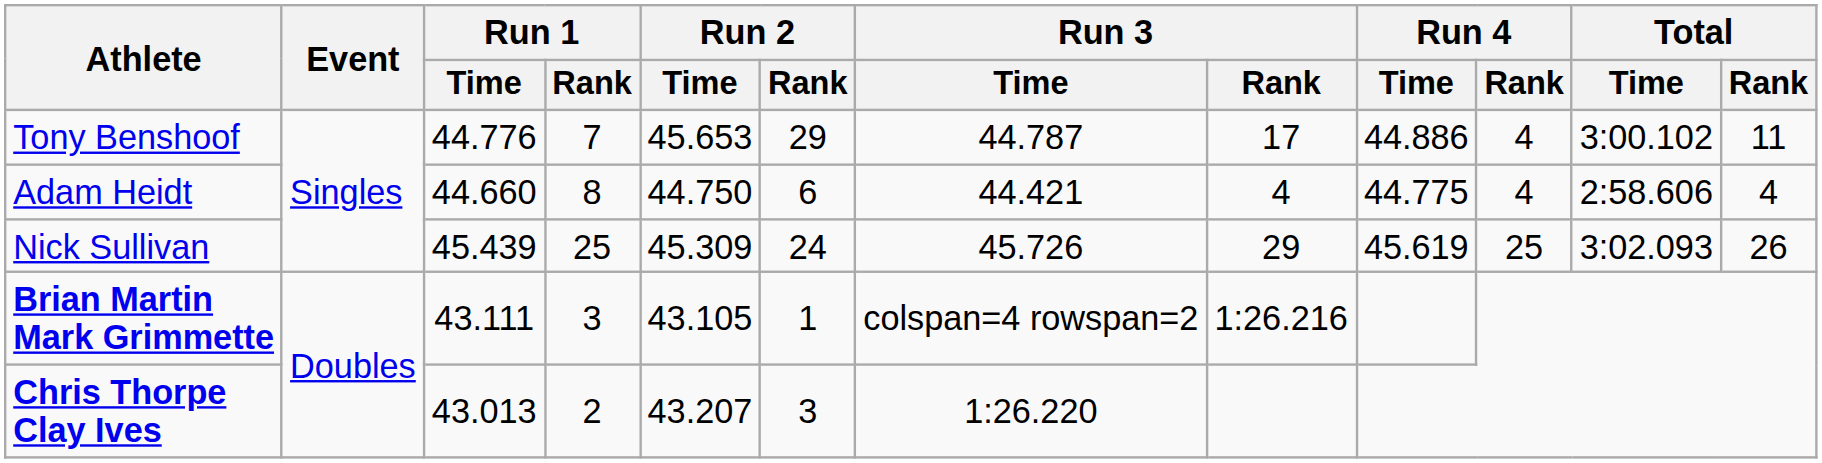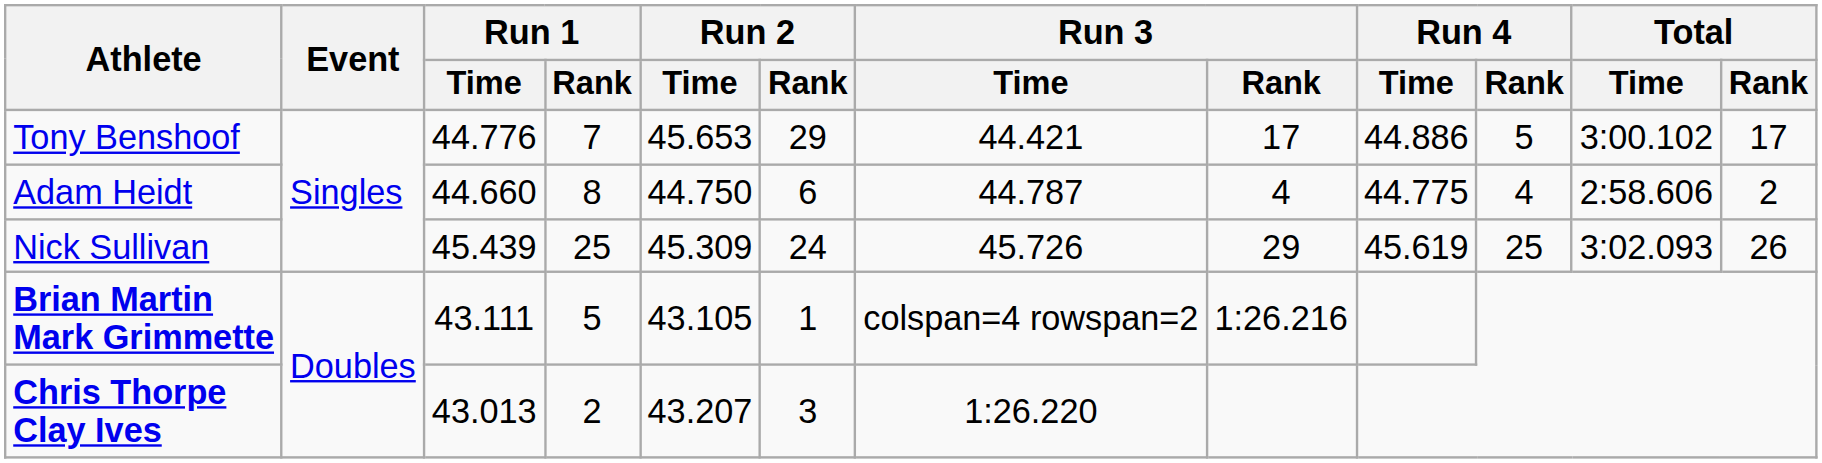 <table class=wikitable style=font-size:90%;text-align:center>
 <tr>
 <th rowspan=2>Athlete</th>
 <th rowspan=2>Event</th>
 <th colspan=2>Run 1</th>
 <th colspan=2>Run 2</th>
 <th colspan=2>Run 3</th>
 <th colspan=2>Run 4</th>
 <th colspan=2>Total</th>
 </tr>
 <tr style=font-size:95%>
 <th>Time</th>
 <th>Rank</th>
 <th>Time</th>
 <th>Rank</th>
 <th>Time</th>
 <th>Rank</th>
 <th>Time</th>
 <th>Rank</th>
 <th>Time</th>
 <th>Rank</th>
 </tr>
 <tr>
 <td align=left><a href='#'>Tony Benshoof</a></td>
 <td align=left rowspan=3><a href='#'>Singles</a></td>
 <td>44.776</td>
 <td>7</td>
 <td>45.653</td>
 <td>29</td>
-<td>44.787</td>
+<td>44.421</td>
 <td>17</td>
 <td>44.886</td>
-<td>4</td>
+<td>5</td>
 <td>3:00.102</td>
-<td>11</td>
+<td>17</td>
 </tr>
 <tr>
 <td align=left><a href='#'>Adam Heidt</a></td>
 <td>44.660</td>
 <td>8</td>
 <td>44.750</td>
 <td>6</td>
-<td>44.421</td>
+<td>44.787</td>
 <td>4</td>
 <td>44.775</td>
 <td>4</td>
 <td>2:58.606</td>
-<td>4</td>
+<td>2</td>
 </tr>
 <tr>
 <td align=left><a href='#'>Nick Sullivan</a></td>
 <td>45.439</td>
 <td>25</td>
 <td>45.309</td>
 <td>24</td>
 <td>45.726</td>
 <td>29</td>
 <td>45.619</td>
 <td>25</td>
 <td>3:02.093</td>
 <td>26</td>
 </tr>
 <tr>
 <td align=left><strong><a href='#'>Brian Martin</a><br><a href='#'>Mark Grimmette</a></strong></td>
 <td align=left rowspan=2><a href='#'>Doubles</a></td>
 <td>43.111</td>
-<td>3</td>
+<td>5</td>
 <td>43.105</td>
 <td>1</td>
 <td>colspan=4 rowspan=2 </td>
 <td>1:26.216</td>
 <td></td>
 </tr>
 <tr>
 <td align=left><strong><a href='#'>Chris Thorpe</a><br><a href='#'>Clay Ives</a></strong></td>
 <td>43.013</td>
 <td>2</td>
 <td>43.207</td>
 <td>3</td>
 <td>1:26.220</td>
 <td></td>
 </tr>
 </table>
